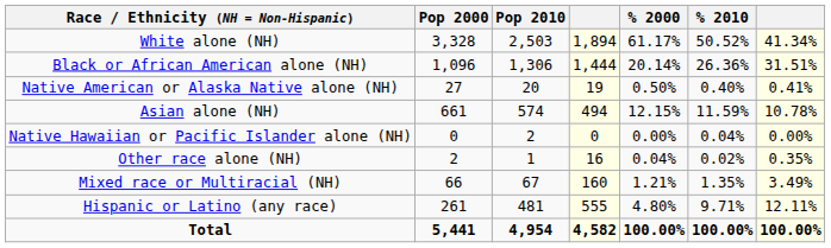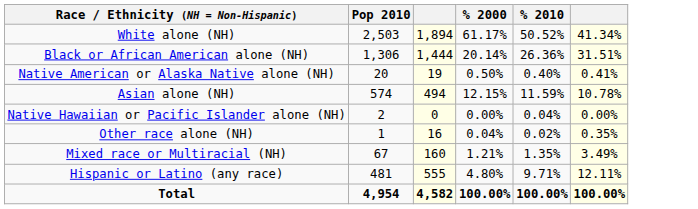 <table class="wikitable" style="text-align:center;">
 <tr>
 <th>Race / Ethnicity <small>(<em>NH = Non-Hispanic</em>)</small></th>
-<th>Pop 2000</th>
 <th>Pop 2010</th>
 <th></th>
 <th>% 2000</th>
 <th>% 2010</th>
 <th></th>
 </tr>
 <tr>
 <td><a href='#'>White</a> alone (NH)</td>
-<td>3,328</td>
 <td>2,503</td>
 <td style='background: #ffffe6;'>1,894</td>
 <td>61.17%</td>
 <td>50.52%</td>
 <td style='background: #ffffe6;'>41.34%</td>
 </tr>
 <tr>
 <td><a href='#'>Black or African American</a> alone (NH)</td>
-<td>1,096</td>
 <td>1,306</td>
 <td style='background: #ffffe6;'>1,444</td>
 <td>20.14%</td>
 <td>26.36%</td>
 <td style='background: #ffffe6;'>31.51%</td>
 </tr>
 <tr>
 <td><a href='#'>Native American</a> or <a href='#'>Alaska Native</a> alone (NH)</td>
-<td>27</td>
 <td>20</td>
 <td style='background: #ffffe6;'>19</td>
 <td>0.50%</td>
 <td>0.40%</td>
 <td style='background: #ffffe6;'>0.41%</td>
 </tr>
 <tr>
 <td><a href='#'>Asian</a> alone (NH)</td>
-<td>661</td>
 <td>574</td>
 <td style='background: #ffffe6;'>494</td>
 <td>12.15%</td>
 <td>11.59%</td>
 <td style='background: #ffffe6;'>10.78%</td>
 </tr>
 <tr>
 <td><a href='#'>Native Hawaiian</a> or <a href='#'>Pacific Islander</a> alone (NH)</td>
-<td>0</td>
 <td>2</td>
 <td style='background: #ffffe6;'>0</td>
 <td>0.00%</td>
 <td>0.04%</td>
 <td style='background: #ffffe6;'>0.00%</td>
 </tr>
 <tr>
 <td><a href='#'>Other race</a> alone (NH)</td>
-<td>2</td>
 <td>1</td>
 <td style='background: #ffffe6;'>16</td>
 <td>0.04%</td>
 <td>0.02%</td>
 <td style='background: #ffffe6;'>0.35%</td>
 </tr>
 <tr>
 <td><a href='#'>Mixed race or Multiracial</a> (NH)</td>
-<td>66</td>
 <td>67</td>
 <td style='background: #ffffe6;'>160</td>
 <td>1.21%</td>
 <td>1.35%</td>
 <td style='background: #ffffe6;'>3.49%</td>
 </tr>
 <tr>
 <td><a href='#'>Hispanic or Latino</a> (any race)</td>
-<td>261</td>
 <td>481</td>
 <td style='background: #ffffe6;'>555</td>
 <td>4.80%</td>
 <td>9.71%</td>
 <td style='background: #ffffe6;'>12.11%</td>
 </tr>
 <tr>
 <td><strong>Total</strong></td>
-<td><strong>5,441</strong></td>
 <td><strong>4,954</strong></td>
 <td style='background: #ffffe6;'><strong>4,582</strong></td>
 <td><strong>100.00%</strong></td>
 <td><strong>100.00%</strong></td>
 <td style='background: #ffffe6;'><strong>100.00%</strong></td>
 </tr>
 </table>
